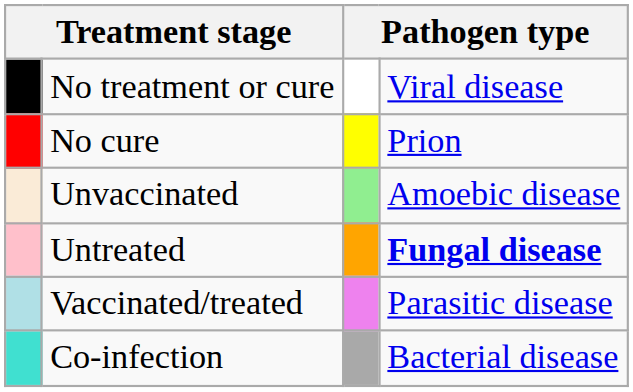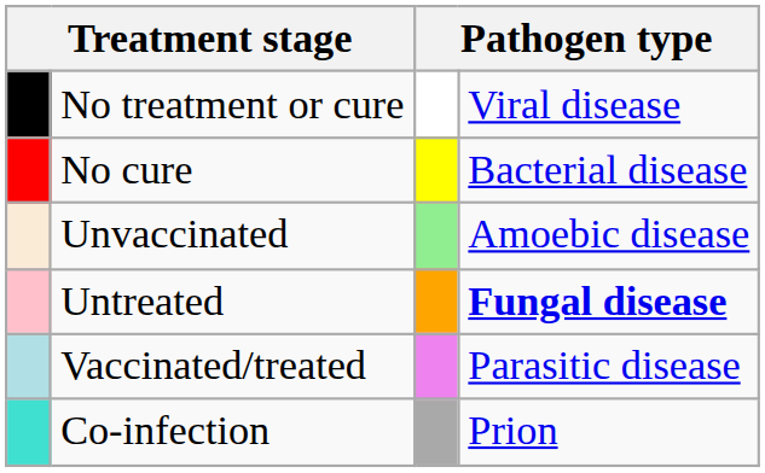 <table class="wikitable">
 <tr>
 <th colspan=2>Treatment stage</th>
 <th colspan=2>Pathogen type</th>
 </tr>
 <tr>
 <td style="background:black;width:10px;"></td>
 <td>No treatment or cure</td>
 <td style="background:white;width:10px;"></td>
 <td><a href='#'>Viral disease</a></td>
 </tr>
 <tr>
 <td style="background:red;"></td>
 <td>No cure</td>
 <td style="background:yellow;"></td>
-<td><a href='#'>Prion</a></td>
+<td><a href='#'>Bacterial disease</a></td>
 </tr>
 <tr>
 <td style="background:AntiqueWhite;"></td>
 <td>Unvaccinated</td>
 <td style="background:lightgreen;"></td>
 <td><a href='#'>Amoebic disease</a></td>
 </tr>
 <tr>
 <td style="background:pink;"></td>
 <td>Untreated</td>
 <td style="background:orange;"></td>
 <td><strong><a href='#'>Fungal disease</a></strong></td>
 </tr>
 <tr>
 <td style="background:PowderBlue;"></td>
 <td>Vaccinated/treated</td>
 <td style="background:violet;"></td>
 <td><a href='#'>Parasitic disease</a></td>
 </tr>
 <tr>
 <td style="background:turquoise;width:10px;"></td>
 <td>Co-infection</td>
 <td style="background:darkgrey;width:10px;"></td>
-<td><a href='#'>Bacterial disease</a></td>
+<td><a href='#'>Prion</a></td>
 </tr>
 </table>
